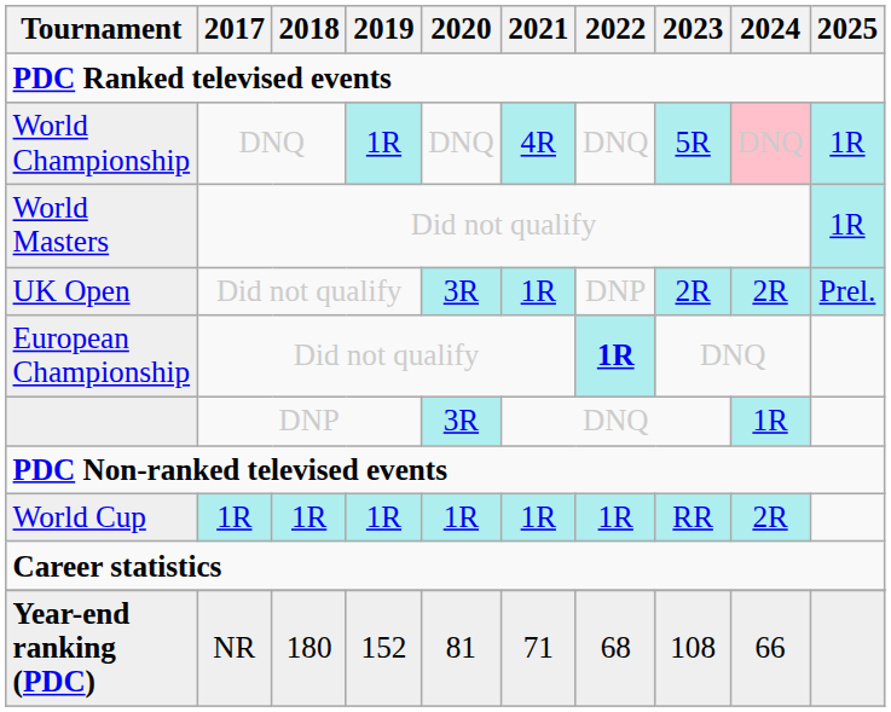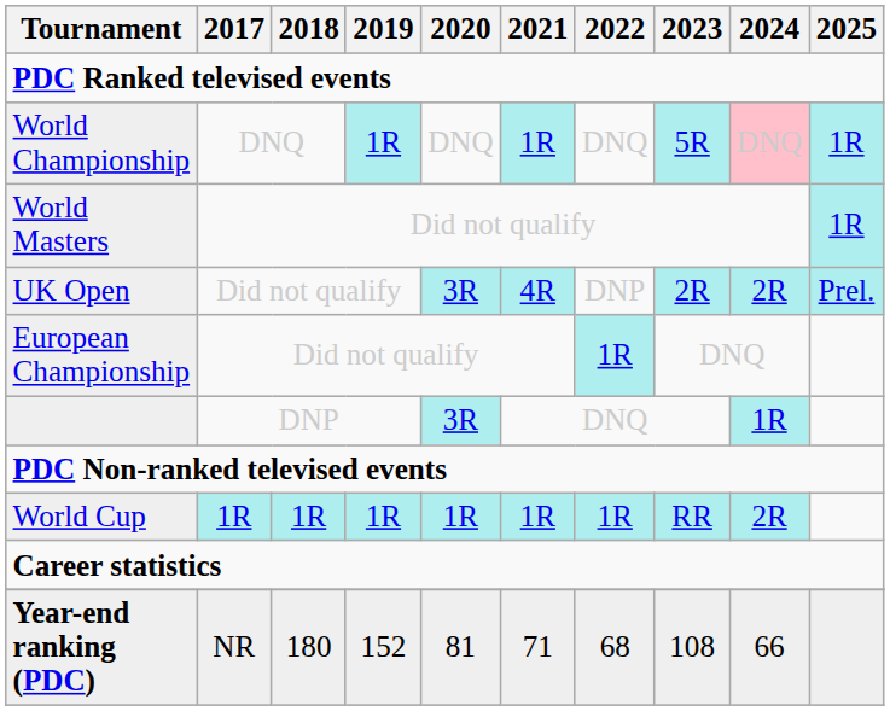 <table class="wikitable" style="width:20%; margin:0">
 <tr>
 <th>Tournament</th>
 <th>2017</th>
 <th>2018</th>
 <th>2019</th>
 <th>2020</th>
 <th>2021</th>
 <th>2022</th>
 <th>2023</th>
 <th>2024</th>
 <th>2025</th>
 </tr>
 <tr>
 <td colspan="31" align="left"><strong><a href='#'>PDC</a> Ranked televised events</strong></td>
 </tr>
 <tr>
 <td style="background:#efefef;"><a href='#'>World Championship</a></td>
 <td colspan="2" style="text-align:center; color:#ccc;">DNQ</td>
 <td style="text-align:center; background:#afeeee;"><a href='#'>1R</a></td>
 <td style="text-align:center; color:#ccc;">DNQ</td>
-<td style="text-align:center; background:#afeeee;"><a href='#'>4R</a></td>
+<td style="text-align:center; background:#afeeee;"><a href='#'>1R</a></td>
 <td style="text-align:center; color:#ccc;">DNQ</td>
 <td style="text-align:center; background:#afeeee;"><a href='#'>5R</a></td>
 <td style="background: pink; text-align:center; color:#ccc;">DNQ</td>
 <td style="text-align:center; background:#afeeee;"><a href='#'>1R</a></td>
 </tr>
 <tr>
 <td style="background:#efefef;"><a href='#'>World Masters</a></td>
 <td colspan="8" style="text-align:center; color:#ccc;">Did not qualify</td>
 <td style="text-align:center; background:#afeeee;"><a href='#'>1R</a></td>
 </tr>
 <tr>
 <td style="background:#efefef;"><a href='#'>UK Open</a></td>
 <td colspan="3" style="text-align:center; color:#ccc;">Did not qualify</td>
 <td style="text-align:center; background:#afeeee;"><a href='#'>3R</a></td>
-<td style="text-align:center; background:#afeeee;"><a href='#'>1R</a></td>
+<td style="text-align:center; background:#afeeee;"><a href='#'>4R</a></td>
 <td style="text-align:center; color:#ccc;">DNP</td>
 <td style="text-align:center; background:#afeeee;"><a href='#'>2R</a></td>
 <td style="text-align:center; background:#afeeee;"><a href='#'>2R</a></td>
 <td style="text-align:center; background:#afeeee;"><a href='#'>Prel.</a></td>
 </tr>
 <tr>
 <td style="background:#efefef;"><a href='#'>European Championship</a></td>
 <td colspan="5" style="text-align:center; color:#ccc;">Did not qualify</td>
-<td style="text-align:center; background:#afeeee;"><strong><a href='#'>1R</a></strong></td>
+<td style="text-align:center; background:#afeeee;"><a href='#'>1R</a></td>
 <td colspan="2" style="text-align:center; color:#ccc;">DNQ</td>
 <td></td>
 </tr>
 <tr>
 <td style="background:#efefef;"></td>
 <td colspan="3" style="text-align:center; color:#ccc;">DNP</td>
 <td style="text-align:center; background:#afeeee;"><a href='#'>3R</a></td>
 <td colspan="3" style="text-align:center; color:#ccc;">DNQ</td>
 <td style="text-align:center; background:#afeeee;"><a href='#'>1R</a></td>
 <td></td>
 </tr>
 <tr>
 <td colspan="31" align="left"><strong><a href='#'>PDC</a> Non-ranked televised events</strong></td>
 </tr>
 <tr>
 <td style="background:#efefef;"><a href='#'>World Cup</a></td>
 <td style="text-align:center; background:#afeeee;"><a href='#'>1R</a></td>
 <td style="text-align:center; background:#afeeee;"><a href='#'>1R</a></td>
 <td style="text-align:center; background:#afeeee;"><a href='#'>1R</a></td>
 <td style="text-align:center; background:#afeeee;"><a href='#'>1R</a></td>
 <td style="text-align:center; background:#afeeee;"><a href='#'>1R</a></td>
 <td style="text-align:center; background:#afeeee;"><a href='#'>1R</a></td>
 <td style="text-align:center; background:#afeeee;"><a href='#'>RR</a></td>
 <td style="text-align:center; background:#afeeee;"><a href='#'>2R</a></td>
 <td></td>
 </tr>
 <tr>
 <td colspan="15" align="left"><strong>Career statistics</strong></td>
 </tr>
 <tr>
 </tr>
 <tr bgcolor="efefef">
 <td align="left"><strong>Year-end ranking (<a href='#'>PDC</a>)</strong></td>
 <td style="text-align:center;">NR</td>
 <td style="text-align:center;">180</td>
 <td style="text-align:center;">152</td>
 <td style="text-align:center;">81</td>
 <td style="text-align:center;">71</td>
 <td style="text-align:center;">68</td>
 <td style="text-align:center;">108</td>
 <td style="text-align:center;">66</td>
 <td></td>
 </tr>
 </table>
